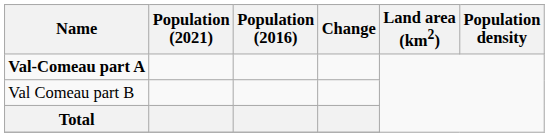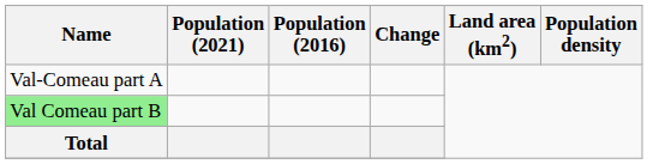 <table class="wikitable sortable collapsible">
 <tr>
 <th scope="col">Name</th>
 <th scope="col">Population<br>(2021)</th>
 <th scope="col">Population<br>(2016)</th>
 <th scope="col">Change</th>
 <th scope="col">Land area<br>(km<sup>2</sup>)</th>
 <th scope="col">Population<br>density</th>
 </tr>
 <tr>
-<td scope="row"><strong>Val-Comeau part A </strong></td>
+<td scope="row">Val-Comeau part A </td>
 <td></td>
 <td align=center></td>
 <td align=center></td>
 </tr>
 <tr>
-<td scope="row">Val Comeau part B </td>
+<td scope="row" style="background: lightgreen;">Val Comeau part B </td>
 <td></td>
 <td align=center></td>
 <td align=center></td>
 </tr>
 <tr class="sortbottom" align="center" style="background: #f2f2f2;">
 <td><strong>Total</strong></td>
 <td></td>
 <td align=center><strong></strong></td>
 <td><strong></strong></td>
 </tr>
 <tr>
 </tr>
 </table>
